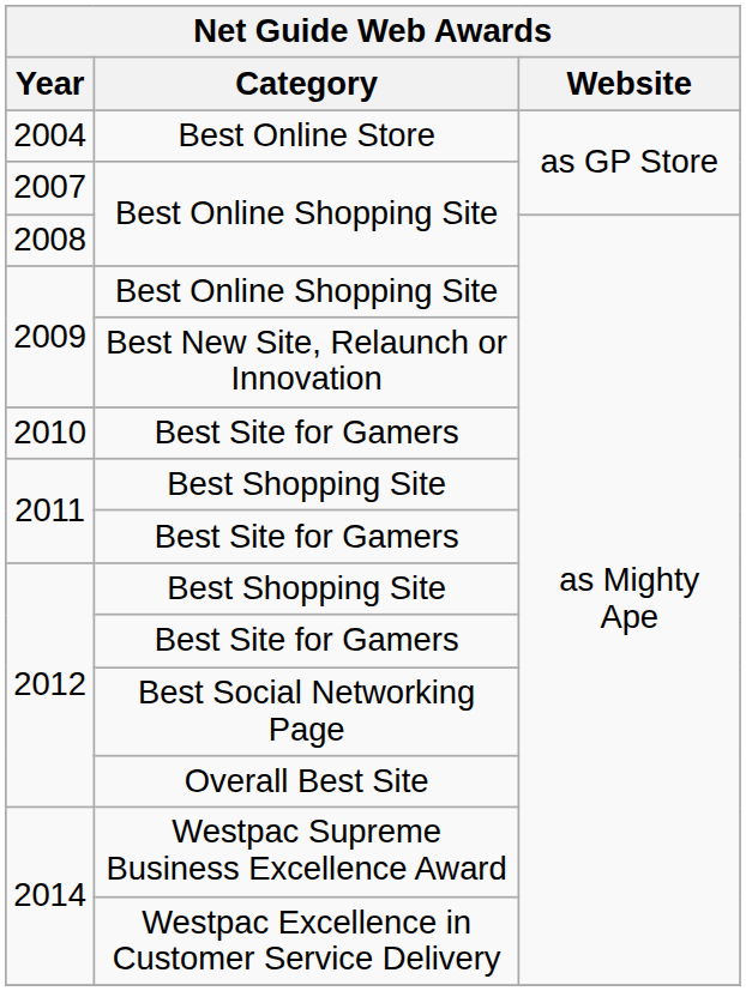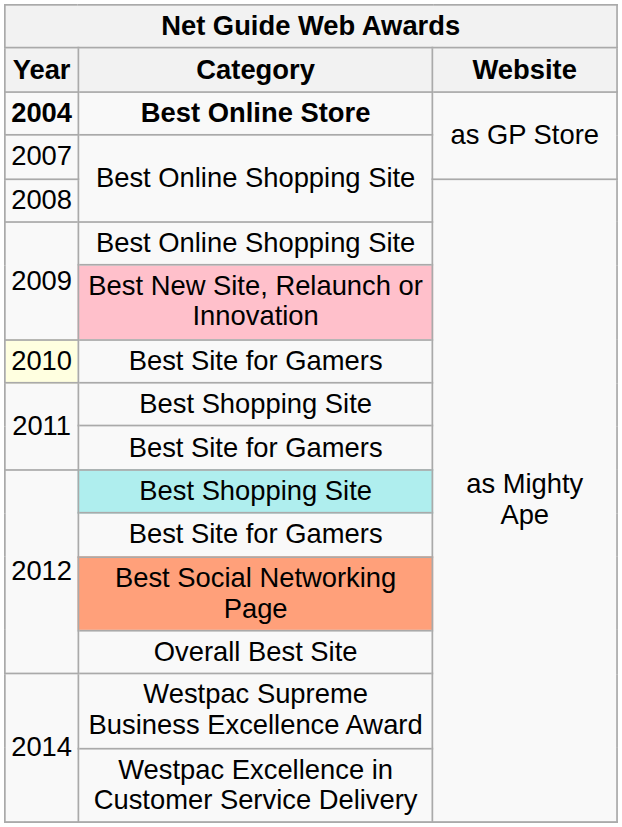 <table class="wikitable">
 <tr>
 <th colspan="3" align="center">Net Guide Web Awards</th>
 </tr>
 <tr>
 <th width="33">Year</th>
 <th width="200">Category</th>
 <th width="100">Website</th>
 </tr>
 <tr>
-<td align="center">2004</td>
-<td align="center">Best Online Store</td>
+<td align="center"><strong>2004</strong></td>
+<td align="center"><strong>Best Online Store</strong></td>
 <td align="center" rowspan="2">as GP Store</td>
 </tr>
 <tr>
 <td align="center">2007</td>
 <td align="center" rowspan="2">Best Online Shopping Site</td>
 </tr>
 <tr>
 <td align="center">2008</td>
 <td align="center" rowspan="12">as Mighty Ape</td>
 </tr>
 <tr>
 <td align="center" rowspan="2">2009</td>
 <td align="center">Best Online Shopping Site</td>
 </tr>
 <tr>
-<td align="center">Best New Site, Relaunch or Innovation</td>
+<td align="center" style="background: pink;">Best New Site, Relaunch or Innovation</td>
 </tr>
 <tr>
-<td align="center">2010</td>
+<td align="center" style="background: lightyellow;">2010</td>
 <td align="center">Best Site for Gamers</td>
 </tr>
 <tr>
 <td align="center" rowspan="2">2011</td>
 <td align="center">Best Shopping Site</td>
 </tr>
 <tr>
 <td align="center">Best Site for Gamers</td>
 </tr>
 <tr>
 <td align="center" rowspan="4">2012</td>
-<td align="center">Best Shopping Site</td>
+<td align="center" style="background: paleturquoise;">Best Shopping Site</td>
 </tr>
 <tr>
 <td align="center">Best Site for Gamers</td>
 </tr>
 <tr>
-<td align="center">Best Social Networking Page</td>
+<td align="center" style="background: lightsalmon;">Best Social Networking Page</td>
 </tr>
 <tr>
 <td align="center">Overall Best Site</td>
 </tr>
 <tr>
 <td align="center" rowspan="2">2014</td>
 <td align="center">Westpac Supreme Business Excellence Award</td>
 </tr>
 <tr>
 <td align="center">Westpac Excellence in Customer Service Delivery</td>
 </tr>
 <tr>
 </tr>
 </table>
